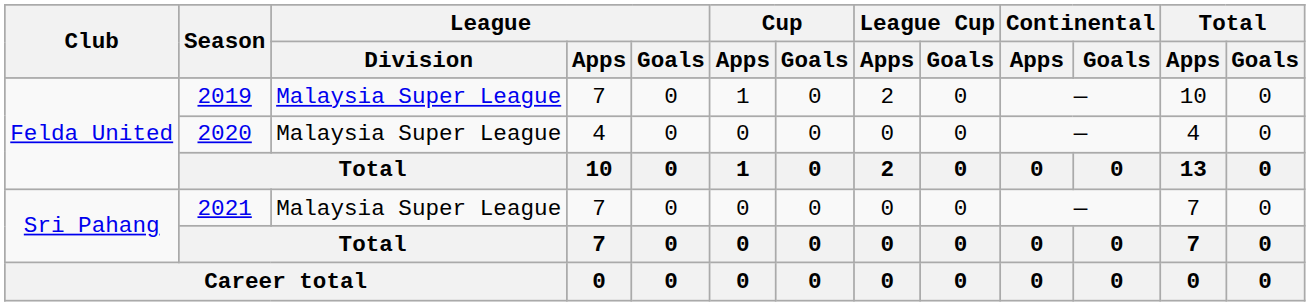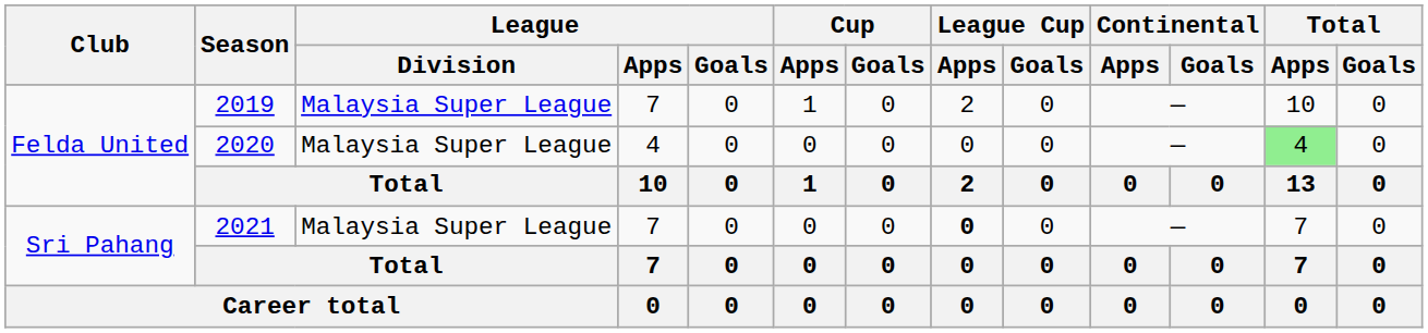 <table class=wikitable style="text-align: center">
 <tr>
 <th rowspan=2>Club</th>
 <th rowspan=2>Season</th>
 <th colspan=3>League</th>
 <th colspan=2>Cup</th>
 <th colspan=2>League Cup</th>
 <th colspan=2>Continental</th>
 <th colspan=2>Total</th>
 </tr>
 <tr>
 <th>Division</th>
 <th>Apps</th>
 <th>Goals</th>
 <th>Apps</th>
 <th>Goals</th>
 <th>Apps</th>
 <th>Goals</th>
 <th>Apps</th>
 <th>Goals</th>
 <th>Apps</th>
 <th>Goals</th>
 </tr>
 <tr>
 <td rowspan=3><a href='#'>Felda United</a></td>
 <td><a href='#'>2019</a></td>
 <td><a href='#'>Malaysia Super League</a></td>
 <td>7</td>
 <td>0</td>
 <td>1</td>
 <td>0</td>
 <td>2</td>
 <td>0</td>
 <td colspan="2">—</td>
 <td>10</td>
 <td>0</td>
 </tr>
 <tr>
 <td><a href='#'>2020</a></td>
 <td>Malaysia Super League</td>
 <td>4</td>
 <td>0</td>
 <td>0</td>
 <td>0</td>
 <td>0</td>
 <td>0</td>
 <td colspan="2">—</td>
-<td>4</td>
+<td style="background: lightgreen;">4</td>
 <td>0</td>
 </tr>
 <tr>
 <th colspan=2>Total</th>
 <th>10</th>
 <th>0</th>
 <th>1</th>
 <th>0</th>
 <th>2</th>
 <th>0</th>
 <th>0</th>
 <th>0</th>
 <th>13</th>
 <th>0</th>
 </tr>
 <tr>
 <td rowspan=2><a href='#'>Sri Pahang</a></td>
 <td><a href='#'>2021</a></td>
 <td>Malaysia Super League</td>
 <td>7</td>
 <td>0</td>
 <td>0</td>
 <td>0</td>
-<td>0</td>
+<td><strong>0</strong></td>
 <td>0</td>
 <td colspan="2">—</td>
 <td>7</td>
 <td>0</td>
 </tr>
 <tr>
 <th colspan=2>Total</th>
 <th>7</th>
 <th>0</th>
 <th>0</th>
 <th>0</th>
 <th>0</th>
 <th>0</th>
 <th>0</th>
 <th>0</th>
 <th>7</th>
 <th>0</th>
 </tr>
 <tr>
 <th colspan=3>Career total</th>
 <th>0</th>
 <th>0</th>
 <th>0</th>
 <th>0</th>
 <th>0</th>
 <th>0</th>
 <th>0</th>
 <th>0</th>
 <th>0</th>
 <th>0</th>
 </tr>
 </table>
